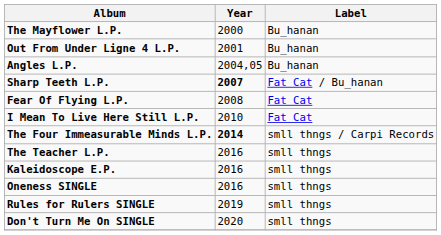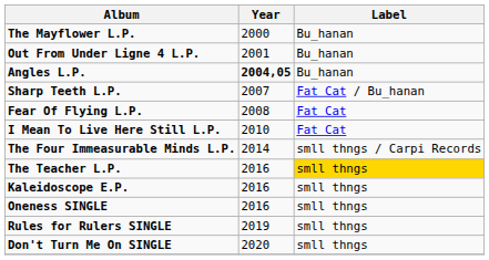 <table class="wikitable">
 <tr>
 <th>Album</th>
 <th>Year</th>
 <th>Label</th>
 </tr>
 <tr>
 <td><strong>The Mayflower L.P.</strong></td>
 <td>2000</td>
 <td>Bu_hanan</td>
 </tr>
 <tr>
 <td><strong>Out From Under Ligne 4 L.P.</strong></td>
 <td>2001</td>
 <td>Bu_hanan</td>
 </tr>
 <tr>
 <td><strong>Angles L.P.</strong></td>
-<td>2004,05</td>
+<td><strong>2004,05</strong></td>
 <td>Bu_hanan</td>
 </tr>
 <tr>
 <td><strong>Sharp Teeth L.P.</strong></td>
-<td><strong>2007</strong></td>
+<td>2007</td>
 <td><a href='#'>Fat Cat</a> / Bu_hanan</td>
 </tr>
 <tr>
 <td><strong>Fear Of Flying L.P.</strong></td>
 <td>2008</td>
 <td><a href='#'>Fat Cat</a></td>
 </tr>
 <tr>
 <td><strong>I Mean To Live Here Still L.P.</strong></td>
 <td>2010</td>
 <td><a href='#'>Fat Cat</a></td>
 </tr>
 <tr>
 <td><strong>The Four Immeasurable Minds L.P.</strong></td>
-<td><strong>2014</strong></td>
+<td>2014</td>
 <td>smll thngs / Carpi Records</td>
 </tr>
 <tr>
 <td><strong>The Teacher L.P.</strong></td>
 <td>2016</td>
-<td>smll thngs</td>
+<td style="background: gold;">smll thngs</td>
 </tr>
 <tr>
 <td><strong>Kaleidoscope E.P.</strong></td>
 <td>2016</td>
 <td>smll thngs</td>
 </tr>
 <tr>
 <td><strong>Oneness SINGLE</strong></td>
 <td>2016</td>
 <td>smll thngs</td>
 </tr>
 <tr>
 <td><strong>Rules for Rulers SINGLE</strong></td>
 <td>2019</td>
 <td>smll thngs</td>
 </tr>
 <tr>
 <td><strong>Don't Turn Me On SINGLE</strong></td>
 <td>2020</td>
 <td>smll thngs</td>
 </tr>
 <tr>
 </tr>
 </table>
